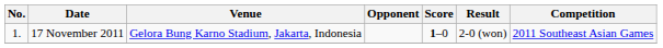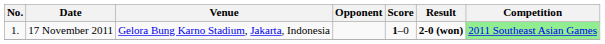 <table class="wikitable" style="font-size:100%;">
 <tr>
 <th>No.</th>
 <th>Date</th>
 <th>Venue</th>
 <th>Opponent</th>
 <th>Score</th>
 <th>Result</th>
 <th>Competition</th>
 </tr>
 <tr>
 <td align=center>1.</td>
 <td>17 November 2011</td>
 <td><a href='#'>Gelora Bung Karno Stadium</a>, <a href='#'>Jakarta</a>, Indonesia</td>
 <td></td>
 <td align=center><strong>1</strong>–0</td>
-<td align=center>2-0 (won)</td>
-<td><a href='#'>2011 Southeast Asian Games</a></td>
+<td align=center><strong>2-0 (won)</strong></td>
+<td style="background: lightgreen;"><a href='#'>2011 Southeast Asian Games</a></td>
 </tr>
 <tr>
 </tr>
 </table>
